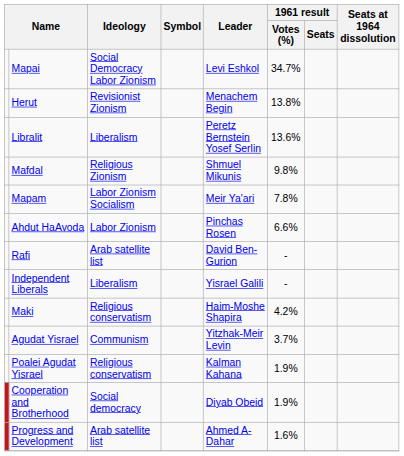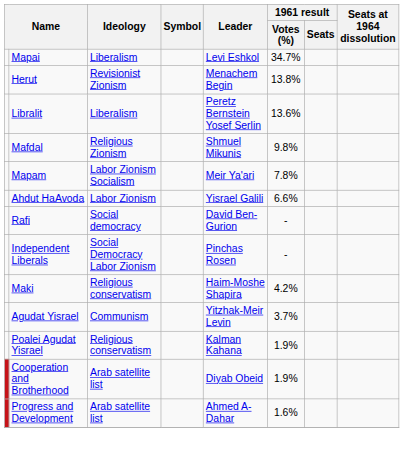 <table class="wikitable">
 <tr>
 <th rowspan="2" colspan=2>Name</th>
 <th rowspan="2">Ideology</th>
 <th rowspan="2">Symbol</th>
 <th rowspan="2">Leader</th>
 <th colspan="2">1961 result</th>
 <th rowspan="2">Seats at 1964<br>dissolution</th>
 </tr>
 <tr>
 <th>Votes (%)</th>
 <th>Seats</th>
 </tr>
 <tr>
 <td style="background:"></td>
 <td><a href='#'>Mapai</a></td>
-<td><a href='#'>Social Democracy</a><br><a href='#'>Labor Zionism</a></td>
+<td><a href='#'>Liberalism</a></td>
 <td></td>
 <td><a href='#'>Levi Eshkol</a></td>
 <td style="text-align:center;">34.7%</td>
 <td></td>
 <td></td>
 </tr>
 <tr>
 <td style="background:"></td>
 <td><a href='#'>Herut</a></td>
 <td><a href='#'>Revisionist Zionism</a></td>
 <td></td>
 <td><a href='#'>Menachem Begin</a></td>
 <td style="text-align:center;" rowspan=1>13.8%</td>
 <td></td>
 <td></td>
 </tr>
 <tr>
 <td style="background:"></td>
 <td><a href='#'>Libralit</a></td>
 <td><a href='#'>Liberalism</a></td>
 <td></td>
 <td><a href='#'>Peretz Bernstein</a><br><a href='#'>Yosef Serlin</a></td>
 <td style="text-align:center;" rowspan=1>13.6%</td>
 <td></td>
 <td></td>
 </tr>
 <tr>
 <td style="background:"></td>
 <td><a href='#'>Mafdal</a></td>
 <td><a href='#'>Religious Zionism</a></td>
 <td></td>
 <td><a href='#'>Shmuel Mikunis</a></td>
 <td style="text-align:center;">9.8%</td>
 <td></td>
 <td></td>
 </tr>
 <tr>
 <td style="background:"></td>
 <td><a href='#'>Mapam</a></td>
 <td><a href='#'>Labor Zionism</a><br><a href='#'>Socialism</a></td>
 <td></td>
 <td><a href='#'>Meir Ya'ari</a></td>
 <td style="text-align:center;">7.8%</td>
 <td></td>
 <td></td>
 </tr>
 <tr>
 <td style="background:"></td>
 <td><a href='#'>Ahdut HaAvoda</a></td>
 <td><a href='#'>Labor Zionism</a></td>
 <td></td>
-<td><a href='#'>Pinchas Rosen</a></td>
+<td><a href='#'>Yisrael Galili</a></td>
 <td style="text-align:center;">6.6%</td>
 <td></td>
 <td></td>
 </tr>
 <tr>
 <td style="background:"></td>
 <td><a href='#'>Rafi</a></td>
-<td><a href='#'>Arab satellite list</a></td>
+<td><a href='#'>Social democracy</a></td>
 <td></td>
 <td><a href='#'>David Ben-Gurion</a></td>
 <td style="text-align:center;">-</td>
 <td></td>
 <td></td>
 </tr>
 <tr>
 <td style="background:"></td>
 <td><a href='#'>Independent Liberals</a></td>
-<td><a href='#'>Liberalism</a></td>
+<td><a href='#'>Social Democracy</a><br><a href='#'>Labor Zionism</a></td>
 <td></td>
-<td><a href='#'>Yisrael Galili</a></td>
+<td><a href='#'>Pinchas Rosen</a></td>
 <td style="text-align:center;">-</td>
 <td></td>
 <td></td>
 </tr>
 <tr>
 <td style="background:"></td>
 <td><a href='#'>Maki</a></td>
 <td><a href='#'>Religious conservatism</a></td>
 <td></td>
 <td><a href='#'>Haim-Moshe Shapira</a></td>
 <td style="text-align:center;">4.2%</td>
 <td></td>
 <td></td>
 </tr>
 <tr>
 <td style="background:"></td>
 <td><a href='#'>Agudat Yisrael</a></td>
 <td><a href='#'>Communism</a></td>
 <td></td>
 <td><a href='#'>Yitzhak-Meir Levin</a></td>
 <td style="text-align:center;">3.7%</td>
 <td></td>
 <td></td>
 </tr>
 <tr>
 <td style="background:"></td>
 <td><a href='#'>Poalei Agudat Yisrael</a></td>
 <td><a href='#'>Religious conservatism</a></td>
 <td></td>
 <td><a href='#'>Kalman Kahana</a></td>
 <td style="text-align:center;">1.9%</td>
 <td></td>
 <td></td>
 </tr>
 <tr>
 <td style="background:#C61318;"></td>
 <td><a href='#'>Cooperation and Brotherhood</a></td>
-<td><a href='#'>Social democracy</a></td>
+<td><a href='#'>Arab satellite list</a></td>
 <td></td>
 <td><a href='#'>Diyab Obeid</a></td>
 <td style="text-align:center;">1.9%</td>
 <td></td>
 <td></td>
 </tr>
 <tr>
 <td style="background:#C61318;"></td>
 <td><a href='#'>Progress and Development</a></td>
 <td><a href='#'>Arab satellite list</a></td>
 <td></td>
 <td><a href='#'>Ahmed A-Dahar</a></td>
 <td style="text-align:center;">1.6%</td>
 <td></td>
 <td></td>
 </tr>
 <tr>
 </tr>
 </table>
